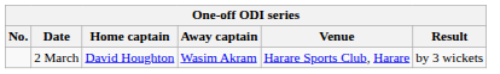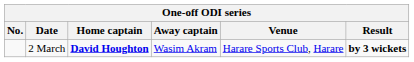 <table class="wikitable">
 <tr>
 <th colspan="9">One-off ODI series</th>
 </tr>
 <tr>
 <th>No.</th>
 <th>Date</th>
 <th>Home captain</th>
 <th>Away captain</th>
 <th>Venue</th>
 <th>Result</th>
 </tr>
 <tr>
 <td></td>
 <td>2 March</td>
-<td><a href='#'>David Houghton</a></td>
+<td><strong><a href='#'>David Houghton</a></strong></td>
 <td><a href='#'>Wasim Akram</a></td>
 <td><a href='#'>Harare Sports Club</a>, <a href='#'>Harare</a></td>
-<td> by 3 wickets</td>
+<td><strong> by 3 wickets</strong></td>
 </tr>
 </table>
